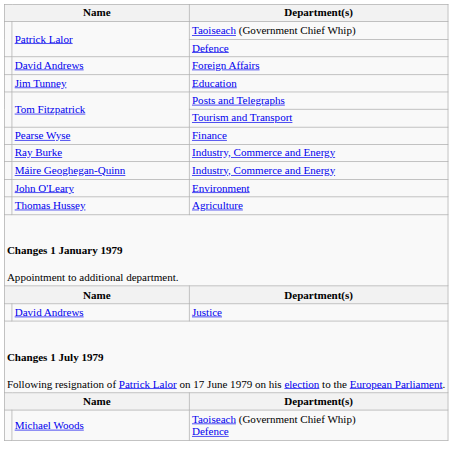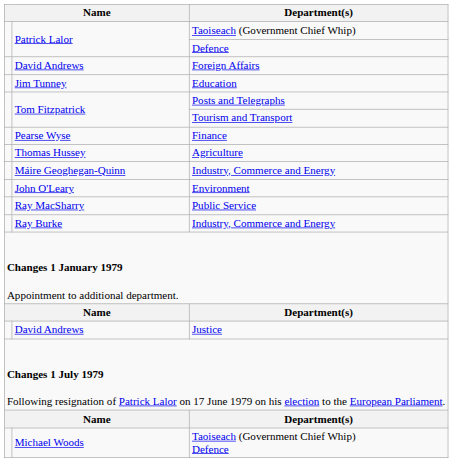 <table class="wikitable">
 <tr>
 <th colspan="2">Name</th>
 <th>Department(s)</th>
 </tr>
 <tr>
 <td rowspan="2" style="background-color: "></td>
 <td rowspan="2"><a href='#'>Patrick Lalor</a></td>
 <td><a href='#'>Taoiseach</a> (Government Chief Whip)</td>
 </tr>
 <tr>
 <td><a href='#'>Defence</a></td>
 </tr>
 <tr>
 <td style="background-color: "></td>
 <td><a href='#'>David Andrews</a></td>
 <td><a href='#'>Foreign Affairs</a></td>
 </tr>
 <tr>
 <td style="background-color: "></td>
 <td><a href='#'>Jim Tunney</a></td>
 <td><a href='#'>Education</a></td>
 </tr>
 <tr>
 <td rowspan="2" style="background-color: "></td>
 <td rowspan="2"><a href='#'>Tom Fitzpatrick</a></td>
 <td><a href='#'>Posts and Telegraphs</a></td>
 </tr>
 <tr>
 <td><a href='#'>Tourism and Transport</a></td>
 </tr>
 <tr>
 <td style="background-color: "></td>
 <td><a href='#'>Pearse Wyse</a></td>
 <td><a href='#'>Finance</a></td>
 </tr>
 <tr>
 <td style="background-color: "></td>
-<td><a href='#'>Ray Burke</a></td>
-<td><a href='#'>Industry, Commerce and Energy</a></td>
+<td><a href='#'>Thomas Hussey</a></td>
+<td><a href='#'>Agriculture</a></td>
 </tr>
 <tr>
 <td style="background-color: "></td>
 <td><a href='#'>Máire Geoghegan-Quinn</a></td>
 <td><a href='#'>Industry, Commerce and Energy</a></td>
 </tr>
 <tr>
 <td style="background-color: "></td>
 <td><a href='#'>John O'Leary</a></td>
 <td><a href='#'>Environment</a></td>
 </tr>
 <tr>
 <td style="background-color: "></td>
-<td><a href='#'>Thomas Hussey</a></td>
-<td><a href='#'>Agriculture</a></td>
+<td><a href='#'>Ray MacSharry</a></td>
+<td><a href='#'>Public Service</a></td>
+</tr>
+<tr>
+<td style="background-color: "></td>
+<td><a href='#'>Ray Burke</a></td>
+<td><a href='#'>Industry, Commerce and Energy</a></td>
 </tr>
 <tr>
 <td colspan="3"><br><h4>Changes 1 January 1979</h4>Appointment to additional department.</td>
 </tr>
 <tr>
 <th colspan="2">Name</th>
 <th>Department(s)</th>
 </tr>
 <tr>
 <td style="background-color: "></td>
 <td><a href='#'>David Andrews</a></td>
 <td><a href='#'>Justice</a></td>
 </tr>
 <tr>
 <td colspan="3"><br><h4>Changes 1 July 1979</h4>Following resignation of <a href='#'>Patrick Lalor</a> on 17 June 1979 on his <a href='#'>election</a> to the <a href='#'>European Parliament</a>.</td>
 </tr>
 <tr>
 <th colspan="2">Name</th>
 <th>Department(s)</th>
 </tr>
 <tr>
 <td style="background-color: "></td>
 <td><a href='#'>Michael Woods</a></td>
 <td><a href='#'>Taoiseach</a> (Government Chief Whip)<br><a href='#'>Defence</a></td>
 </tr>
 </table>
